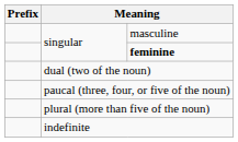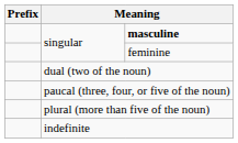 <table class="wikitable">
 <tr>
 <th>Prefix</th>
 <th colspan=2>Meaning</th>
 </tr>
 <tr>
 <td></td>
 <td rowspan=2>singular</td>
-<td>masculine</td>
+<td><strong>masculine</strong></td>
 </tr>
 <tr>
 <td></td>
-<td><strong>feminine</strong></td>
+<td>feminine</td>
 </tr>
 <tr>
 <td></td>
 <td colspan=2>dual (two of the noun)</td>
 </tr>
 <tr>
 <td></td>
 <td colspan=2>paucal (three, four, or five of the noun)</td>
 </tr>
 <tr>
 <td></td>
 <td colspan=2>plural (more than five of the noun)</td>
 </tr>
 <tr>
 <td></td>
 <td colspan=2>indefinite</td>
 </tr>
 </table>
